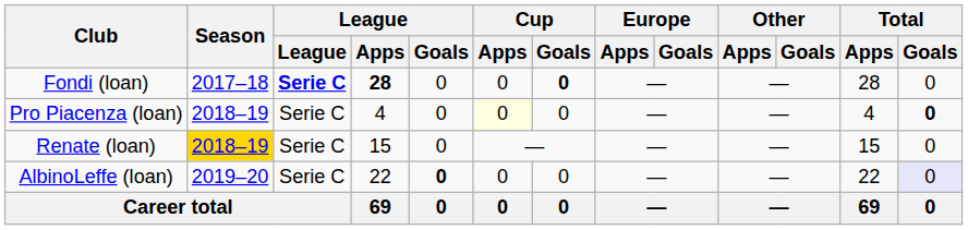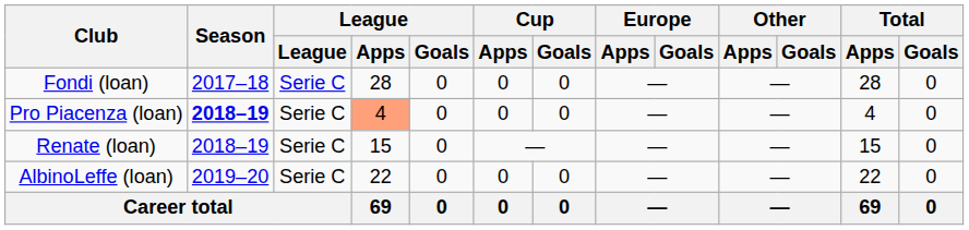 <table class="wikitable" style="text-align: center;">
 <tr>
 <th rowspan="2">Club</th>
 <th rowspan="2">Season</th>
 <th colspan="3">League</th>
 <th colspan="2">Cup</th>
 <th colspan="2">Europe</th>
 <th colspan="2">Other</th>
 <th colspan="2">Total</th>
 </tr>
 <tr>
 <th>League</th>
 <th>Apps</th>
 <th>Goals</th>
 <th>Apps</th>
 <th>Goals</th>
 <th>Apps</th>
 <th>Goals</th>
 <th>Apps</th>
 <th>Goals</th>
 <th>Apps</th>
 <th>Goals</th>
 </tr>
 <tr>
 <td><a href='#'>Fondi</a> (loan)</td>
 <td><a href='#'>2017–18</a></td>
-<td><strong><a href='#'>Serie C</a></strong></td>
-<td><strong>28</strong></td>
+<td><a href='#'>Serie C</a></td>
+<td>28</td>
 <td>0</td>
 <td>0</td>
-<td><strong>0</strong></td>
+<td>0</td>
 <td colspan="2">—</td>
 <td colspan="2">—</td>
 <td>28</td>
 <td>0</td>
 </tr>
 <tr>
 <td><a href='#'>Pro Piacenza</a> (loan)</td>
-<td><a href='#'>2018–19</a></td>
+<td><strong><a href='#'>2018–19</a></strong></td>
 <td>Serie C</td>
-<td>4</td>
+<td style="background: lightsalmon;">4</td>
 <td>0</td>
-<td style="background: lightyellow;">0</td>
+<td>0</td>
 <td>0</td>
 <td colspan="2">—</td>
 <td colspan="2">—</td>
 <td>4</td>
-<td><strong>0</strong></td>
+<td>0</td>
 </tr>
 <tr>
 <td><a href='#'>Renate</a> (loan)</td>
-<td style="background: gold;"><a href='#'>2018–19</a></td>
+<td><a href='#'>2018–19</a></td>
 <td>Serie C</td>
 <td>15</td>
 <td>0</td>
 <td colspan="2">—</td>
 <td colspan="2">—</td>
 <td colspan="2">—</td>
 <td>15</td>
 <td>0</td>
 </tr>
 <tr>
 <td><a href='#'>AlbinoLeffe</a> (loan)</td>
 <td><a href='#'>2019–20</a></td>
 <td>Serie C</td>
 <td>22</td>
-<td><strong>0</strong></td>
+<td>0</td>
 <td>0</td>
 <td>0</td>
 <td colspan="2">—</td>
 <td colspan="2">—</td>
 <td>22</td>
-<td style="background: lavender;">0</td>
+<td>0</td>
 </tr>
 <tr>
 <th colspan="3">Career total</th>
 <th>69</th>
 <th>0</th>
 <th>0</th>
 <th>0</th>
 <th colspan="2">—</th>
 <th colspan="2">—</th>
 <th>69</th>
 <th>0</th>
 </tr>
 </table>
